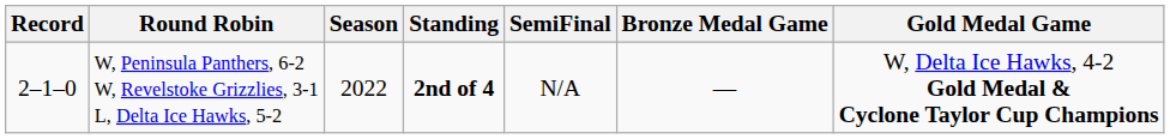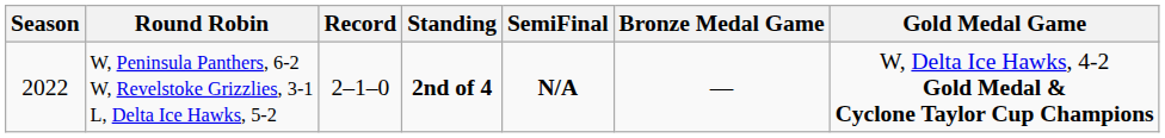 <table class="wikitable" style="text-align:center">
 <tr>
+<th>Season</th>
+<th>Round Robin</th>
 <th>Record</th>
-<th>Round Robin</th>
-<th>Season</th>
 <th>Standing</th>
 <th>SemiFinal</th>
 <th>Bronze Medal Game</th>
 <th>Gold Medal Game</th>
 </tr>
 <tr>
+<td>2022</td>
+<td align=left><small> W, <a href='#'>Peninsula Panthers</a>, 6-2<br>W, <a href='#'>Revelstoke Grizzlies</a>, 3-1<br>L, <a href='#'>Delta Ice Hawks</a>, 5-2<br></small></td>
 <td>2–1–0</td>
-<td align=left><small> W, <a href='#'>Peninsula Panthers</a>, 6-2<br>W, <a href='#'>Revelstoke Grizzlies</a>, 3-1<br>L, <a href='#'>Delta Ice Hawks</a>, 5-2<br></small></td>
-<td>2022</td>
 <td><strong>2nd of 4</strong></td>
-<td>N/A</td>
+<td><strong>N/A</strong></td>
 <td>—</td>
 <td>W, <a href='#'>Delta Ice Hawks</a>, 4-2<br><strong>Gold Medal &<br> Cyclone Taylor Cup Champions</strong></td>
 </tr>
 </table>
